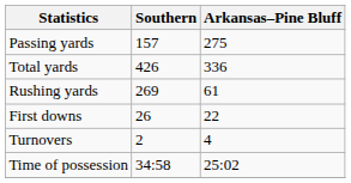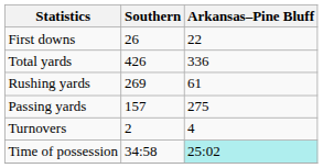 <table class="wikitable">
 <tr>
 <th>Statistics</th>
 <th>Southern</th>
 <th>Arkansas–Pine Bluff</th>
 </tr>
 <tr>
-<td>Passing yards</td>
-<td>157</td>
-<td>275</td>
+<td>First downs</td>
+<td>26</td>
+<td>22</td>
 </tr>
 <tr>
 <td>Total yards</td>
 <td>426</td>
 <td>336</td>
 </tr>
 <tr>
 <td>Rushing yards</td>
 <td>269</td>
 <td>61</td>
 </tr>
 <tr>
-<td>First downs</td>
-<td>26</td>
-<td>22</td>
+<td>Passing yards</td>
+<td>157</td>
+<td>275</td>
 </tr>
 <tr>
 <td>Turnovers</td>
 <td>2</td>
 <td>4</td>
 </tr>
 <tr>
 <td>Time of possession</td>
 <td>34:58</td>
-<td>25:02</td>
+<td style="background: paleturquoise;">25:02</td>
 </tr>
 <tr>
 </tr>
 </table>
